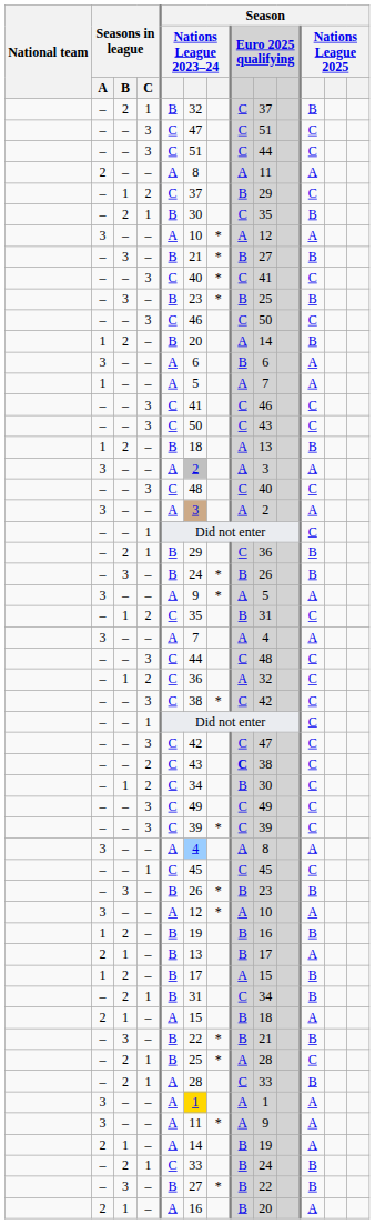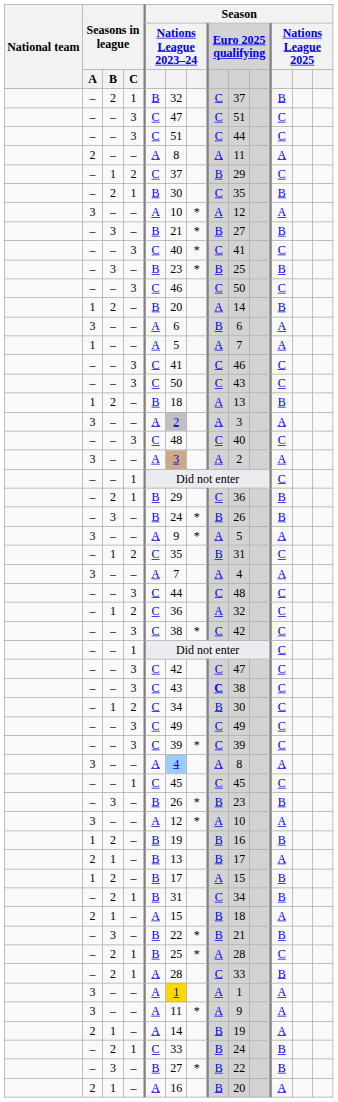 <table class="wikitable sortable" style="text-align:center">
 <tr>
 <th rowspan="3">National team</th>
 <th colspan="3" rowspan="2">Seasons in league</th>
 <th colspan="9" style="border-left:3px solid gray">Season</th>
 </tr>
 <tr>
 <th colspan="3" style="border-left:3px solid gray"><a href='#'>Nations League<br>2023–24</a></th>
 <th colspan="3" style="border-left:3px solid gray; background:lightgray"><a href='#'>Euro 2025<br>qualifying</a></th>
 <th colspan="3" style="border-left:3px solid gray"><a href='#'>Nations League<br>2025</a><br></th>
 </tr>
 <tr>
 <th style="width:20px">A</th>
 <th style="width:20px">B</th>
 <th style="width:20px">C<br></th>
 <th style="width:20px; border-left:3px solid gray"></th>
 <th style="width:20px" data-sort-="" type="number"></th>
 <th style="width:20px"><br></th>
 <th style="width:20px; background:lightgray; border-left:3px solid gray"></th>
 <th style="width:20px; background:lightgray" data-sort-="" type="number"></th>
 <th style="width:20px; background:lightgray"><br></th>
 <th style="width:20px; border-left:3px solid gray"></th>
 <th style="width:20px" data-sort-="" type="number"></th>
 <th style="width:20px"><br></th>
 </tr>
 <tr>
 <td align="left"></td>
 <td>–</td>
 <td>2</td>
 <td>1</td>
 <td style="border-left:3px solid gray"><a href='#'>B</a></td>
 <td>32</td>
 <td></td>
 <td style="background:lightgray; border-left:3px solid gray"><a href='#'>C</a></td>
 <td style="background:lightgray">37</td>
 <td style="background:lightgray"></td>
 <td style="border-left:3px solid gray"><a href='#'>B</a></td>
 <td></td>
 <td></td>
 </tr>
 <tr>
 <td align="left"></td>
 <td>–</td>
 <td>–</td>
 <td>3</td>
 <td style="border-left:3px solid gray"><a href='#'>C</a></td>
 <td>47</td>
 <td></td>
 <td style="background:lightgray; border-left:3px solid gray"><a href='#'>C</a></td>
 <td style="background:lightgray">51</td>
 <td style="background:lightgray"></td>
 <td style="border-left:3px solid gray"><a href='#'>C</a></td>
 <td></td>
 <td></td>
 </tr>
 <tr>
 <td align="left"></td>
 <td>–</td>
 <td>–</td>
 <td>3</td>
 <td style="border-left:3px solid gray"><a href='#'>C</a></td>
 <td>51</td>
 <td></td>
 <td style="background:lightgray; border-left:3px solid gray"><a href='#'>C</a></td>
 <td style="background:lightgray">44</td>
 <td style="background:lightgray"></td>
 <td style="border-left:3px solid gray"><a href='#'>C</a></td>
 <td></td>
 <td></td>
 </tr>
 <tr>
 <td align="left"></td>
 <td>2</td>
 <td>–</td>
 <td>–</td>
 <td style="border-left:3px solid gray"><a href='#'>A</a></td>
 <td>8</td>
 <td></td>
 <td style="background:lightgray; border-left:3px solid gray"><a href='#'>A</a></td>
 <td style="background:lightgray">11</td>
 <td style="background:lightgray"></td>
 <td style="border-left:3px solid gray"><a href='#'>A</a></td>
 <td></td>
 <td></td>
 </tr>
 <tr>
 <td align="left"></td>
 <td>–</td>
 <td>1</td>
 <td>2</td>
 <td style="border-left:3px solid gray"><a href='#'>C</a></td>
 <td>37</td>
 <td></td>
 <td style="background:lightgray; border-left:3px solid gray"><a href='#'>B</a></td>
 <td style="background:lightgray">29</td>
 <td style="background:lightgray"></td>
 <td style="border-left:3px solid gray"><a href='#'>C</a></td>
 <td></td>
 <td></td>
 </tr>
 <tr>
 <td align="left"></td>
 <td>–</td>
 <td>2</td>
 <td>1</td>
 <td style="border-left:3px solid gray"><a href='#'>B</a></td>
 <td>30</td>
 <td></td>
 <td style="background:lightgray; border-left:3px solid gray"><a href='#'>C</a></td>
 <td style="background:lightgray">35</td>
 <td style="background:lightgray"></td>
 <td style="border-left:3px solid gray"><a href='#'>B</a></td>
 <td></td>
 <td></td>
 </tr>
 <tr>
 <td align="left"></td>
 <td>3</td>
 <td>–</td>
 <td>–</td>
 <td style="border-left:3px solid gray"><a href='#'>A</a></td>
 <td>10</td>
 <td>*</td>
 <td style="background:lightgray; border-left:3px solid gray"><a href='#'>A</a></td>
 <td style="background:lightgray">12</td>
 <td style="background:lightgray"></td>
 <td style="border-left:3px solid gray"><a href='#'>A</a></td>
 <td></td>
 <td></td>
 </tr>
 <tr>
 <td align="left"></td>
 <td>–</td>
 <td>3</td>
 <td>–</td>
 <td style="border-left:3px solid gray"><a href='#'>B</a></td>
 <td>21</td>
 <td>*</td>
 <td style="background:lightgray; border-left:3px solid gray"><a href='#'>B</a></td>
 <td style="background:lightgray">27</td>
 <td style="background:lightgray"></td>
 <td style="border-left:3px solid gray"><a href='#'>B</a></td>
 <td></td>
 <td></td>
 </tr>
 <tr>
 <td align="left"></td>
 <td>–</td>
 <td>–</td>
 <td>3</td>
 <td style="border-left:3px solid gray"><a href='#'>C</a></td>
 <td>40</td>
 <td>*</td>
 <td style="background:lightgray; border-left:3px solid gray"><a href='#'>C</a></td>
 <td style="background:lightgray">41</td>
 <td style="background:lightgray"></td>
 <td style="border-left:3px solid gray"><a href='#'>C</a></td>
 <td></td>
 <td></td>
 </tr>
 <tr>
 <td align="left"></td>
 <td>–</td>
 <td>3</td>
 <td>–</td>
 <td style="border-left:3px solid gray"><a href='#'>B</a></td>
 <td>23</td>
 <td>*</td>
 <td style="background:lightgray; border-left:3px solid gray"><a href='#'>B</a></td>
 <td style="background:lightgray">25</td>
 <td style="background:lightgray"></td>
 <td style="border-left:3px solid gray"><a href='#'>B</a></td>
 <td></td>
 <td></td>
 </tr>
 <tr>
 <td align="left"></td>
 <td>–</td>
 <td>–</td>
 <td>3</td>
 <td style="border-left:3px solid gray"><a href='#'>C</a></td>
 <td>46</td>
 <td></td>
 <td style="background:lightgray; border-left:3px solid gray"><a href='#'>C</a></td>
 <td style="background:lightgray">50</td>
 <td style="background:lightgray"></td>
 <td style="border-left:3px solid gray"><a href='#'>C</a></td>
 <td></td>
 <td></td>
 </tr>
 <tr>
 <td align="left"></td>
 <td>1</td>
 <td>2</td>
 <td>–</td>
 <td style="border-left:3px solid gray"><a href='#'>B</a></td>
 <td>20</td>
 <td></td>
 <td style="background:lightgray; border-left:3px solid gray"><a href='#'>A</a></td>
 <td style="background:lightgray">14</td>
 <td style="background:lightgray"></td>
 <td style="border-left:3px solid gray"><a href='#'>B</a></td>
 <td></td>
 <td></td>
 </tr>
 <tr>
 <td align="left"></td>
 <td>3</td>
 <td>–</td>
 <td>–</td>
 <td style="border-left:3px solid gray"><a href='#'>A</a></td>
 <td>6</td>
 <td></td>
 <td style="background:lightgray; border-left:3px solid gray"><a href='#'>B</a></td>
 <td style="background:lightgray">6</td>
 <td style="background:lightgray"></td>
 <td style="border-left:3px solid gray"><a href='#'>A</a></td>
 <td></td>
 <td></td>
 </tr>
 <tr>
 <td align="left"></td>
 <td>1</td>
 <td>–</td>
 <td>–</td>
 <td style="border-left:3px solid gray"><a href='#'>A</a></td>
 <td>5</td>
 <td></td>
 <td style="background:lightgray; border-left:3px solid gray"><a href='#'>A</a></td>
 <td style="background:lightgray">7</td>
 <td style="background:lightgray"></td>
 <td style="border-left:3px solid gray"><a href='#'>A</a></td>
 <td></td>
 <td></td>
 </tr>
 <tr>
 <td align="left"></td>
 <td>–</td>
 <td>–</td>
 <td>3</td>
 <td style="border-left:3px solid gray"><a href='#'>C</a></td>
 <td>41</td>
 <td></td>
 <td style="background:lightgray; border-left:3px solid gray"><a href='#'>C</a></td>
 <td style="background:lightgray">46</td>
 <td style="background:lightgray"></td>
 <td style="border-left:3px solid gray"><a href='#'>C</a></td>
 <td></td>
 <td></td>
 </tr>
 <tr>
 <td align="left"></td>
 <td>–</td>
 <td>–</td>
 <td>3</td>
 <td style="border-left:3px solid gray"><a href='#'>C</a></td>
 <td>50</td>
 <td></td>
 <td style="background:lightgray; border-left:3px solid gray"><a href='#'>C</a></td>
 <td style="background:lightgray">43</td>
 <td style="background:lightgray"></td>
 <td style="border-left:3px solid gray"><a href='#'>C</a></td>
 <td></td>
 <td></td>
 </tr>
 <tr>
 <td align="left"></td>
 <td>1</td>
 <td>2</td>
 <td>–</td>
 <td style="border-left:3px solid gray"><a href='#'>B</a></td>
 <td>18</td>
 <td></td>
 <td style="background:lightgray; border-left:3px solid gray"><a href='#'>A</a></td>
 <td style="background:lightgray">13</td>
 <td style="background:lightgray"></td>
 <td style="border-left:3px solid gray"><a href='#'>B</a></td>
 <td></td>
 <td></td>
 </tr>
 <tr>
 <td align="left"></td>
 <td>3</td>
 <td>–</td>
 <td>–</td>
 <td style="border-left:3px solid gray"><a href='#'>A</a></td>
 <td style="background:silver"><a href='#'>2</a></td>
 <td></td>
 <td style="background:lightgray; border-left:3px solid gray"><a href='#'>A</a></td>
 <td style="background:lightgray">3</td>
 <td style="background:lightgray"></td>
 <td style="border-left:3px solid gray"><a href='#'>A</a></td>
 <td></td>
 <td></td>
 </tr>
 <tr>
 <td align="left"></td>
 <td>–</td>
 <td>–</td>
 <td>3</td>
 <td style="border-left:3px solid gray"><a href='#'>C</a></td>
 <td>48</td>
 <td></td>
 <td style="background:lightgray; border-left:3px solid gray"><a href='#'>C</a></td>
 <td style="background:lightgray">40</td>
 <td style="background:lightgray"></td>
 <td style="border-left:3px solid gray"><a href='#'>C</a></td>
 <td></td>
 <td></td>
 </tr>
 <tr>
 <td align="left"></td>
 <td>3</td>
 <td>–</td>
 <td>–</td>
 <td style="border-left:3px solid gray"><a href='#'>A</a></td>
 <td style="background:#ca8"><a href='#'>3</a></td>
 <td></td>
 <td style="background:lightgray; border-left:3px solid gray"><a href='#'>A</a></td>
 <td style="background:lightgray">2</td>
 <td style="background:lightgray"></td>
 <td style="border-left:3px solid gray"><a href='#'>A</a></td>
 <td></td>
 <td></td>
 </tr>
 <tr>
 <td align="left"></td>
 <td>–</td>
 <td>–</td>
 <td>1</td>
 <td colspan=6 style="border-left:3px solid gray; background:#eaecf0">Did not enter</td>
 <td style="border-left:3px solid gray"><a href='#'>C</a></td>
 <td></td>
 <td></td>
 </tr>
 <tr>
 <td align="left"></td>
 <td>–</td>
 <td>2</td>
 <td>1</td>
 <td style="border-left:3px solid gray"><a href='#'>B</a></td>
 <td>29</td>
 <td></td>
 <td style="background:lightgray; border-left:3px solid gray"><a href='#'>C</a></td>
 <td style="background:lightgray">36</td>
 <td style="background:lightgray"></td>
 <td style="border-left:3px solid gray"><a href='#'>B</a></td>
 <td></td>
 <td></td>
 </tr>
 <tr>
 <td align="left"></td>
 <td>–</td>
 <td>3</td>
 <td>–</td>
 <td style="border-left:3px solid gray"><a href='#'>B</a></td>
 <td>24</td>
 <td>*</td>
 <td style="background:lightgray; border-left:3px solid gray"><a href='#'>B</a></td>
 <td style="background:lightgray">26</td>
 <td style="background:lightgray"></td>
 <td style="border-left:3px solid gray"><a href='#'>B</a></td>
 <td></td>
 <td></td>
 </tr>
 <tr>
 <td align="left"></td>
 <td>3</td>
 <td>–</td>
 <td>–</td>
 <td style="border-left:3px solid gray"><a href='#'>A</a></td>
 <td>9</td>
 <td>*</td>
 <td style="background:lightgray; border-left:3px solid gray"><a href='#'>A</a></td>
 <td style="background:lightgray">5</td>
 <td style="background:lightgray"></td>
 <td style="border-left:3px solid gray"><a href='#'>A</a></td>
 <td></td>
 <td></td>
 </tr>
 <tr>
 <td align="left"></td>
 <td>–</td>
 <td>1</td>
 <td>2</td>
 <td style="border-left:3px solid gray"><a href='#'>C</a></td>
 <td>35</td>
 <td></td>
 <td style="background:lightgray; border-left:3px solid gray"><a href='#'>B</a></td>
 <td style="background:lightgray">31</td>
 <td style="background:lightgray"></td>
 <td style="border-left:3px solid gray"><a href='#'>C</a></td>
 <td></td>
 <td></td>
 </tr>
 <tr>
 <td align="left"></td>
 <td>3</td>
 <td>–</td>
 <td>–</td>
 <td style="border-left:3px solid gray"><a href='#'>A</a></td>
 <td>7</td>
 <td></td>
 <td style="background:lightgray; border-left:3px solid gray"><a href='#'>A</a></td>
 <td style="background:lightgray">4</td>
 <td style="background:lightgray"></td>
 <td style="border-left:3px solid gray"><a href='#'>A</a></td>
 <td></td>
 <td></td>
 </tr>
 <tr>
 <td align="left"></td>
 <td>–</td>
 <td>–</td>
 <td>3</td>
 <td style="border-left:3px solid gray"><a href='#'>C</a></td>
 <td>44</td>
 <td></td>
 <td style="background:lightgray; border-left:3px solid gray"><a href='#'>C</a></td>
 <td style="background:lightgray">48</td>
 <td style="background:lightgray"></td>
 <td style="border-left:3px solid gray"><a href='#'>C</a></td>
 <td></td>
 <td></td>
 </tr>
 <tr>
 <td align="left"></td>
 <td>–</td>
 <td>1</td>
 <td>2</td>
 <td style="border-left:3px solid gray"><a href='#'>C</a></td>
 <td>36</td>
 <td></td>
 <td style="background:lightgray; border-left:3px solid gray"><a href='#'>A</a></td>
 <td style="background:lightgray">32</td>
 <td style="background:lightgray"></td>
 <td style="border-left:3px solid gray"><a href='#'>C</a></td>
 <td></td>
 <td></td>
 </tr>
 <tr>
 <td align="left"></td>
 <td>–</td>
 <td>–</td>
 <td>3</td>
 <td style="border-left:3px solid gray"><a href='#'>C</a></td>
 <td>38</td>
 <td>*</td>
 <td style="background:lightgray; border-left:3px solid gray"><a href='#'>C</a></td>
 <td style="background:lightgray">42</td>
 <td style="background:lightgray"></td>
 <td style="border-left:3px solid gray"><a href='#'>C</a></td>
 <td></td>
 <td></td>
 </tr>
 <tr>
 <td align="left"></td>
 <td>–</td>
 <td>–</td>
 <td>1</td>
 <td colspan=6 style="border-left:3px solid gray; background:#eaecf0">Did not enter</td>
 <td style="border-left:3px solid gray"><a href='#'>C</a></td>
 <td></td>
 <td></td>
 </tr>
 <tr>
 <td align="left"></td>
 <td>–</td>
 <td>–</td>
 <td>3</td>
 <td style="border-left:3px solid gray"><a href='#'>C</a></td>
 <td>42</td>
 <td></td>
 <td style="background:lightgray; border-left:3px solid gray"><a href='#'>C</a></td>
 <td style="background:lightgray">47</td>
 <td style="background:lightgray"></td>
 <td style="border-left:3px solid gray"><a href='#'>C</a></td>
 <td></td>
 <td></td>
 </tr>
 <tr>
 <td align="left"></td>
 <td>–</td>
 <td>–</td>
-<td>2</td>
+<td>3</td>
 <td style="border-left:3px solid gray"><a href='#'>C</a></td>
 <td>43</td>
 <td></td>
 <td style="background:lightgray; border-left:3px solid gray"><strong><a href='#'>C</a></strong></td>
 <td style="background:lightgray">38</td>
 <td style="background:lightgray"></td>
 <td style="border-left:3px solid gray"><a href='#'>C</a></td>
 <td></td>
 <td></td>
 </tr>
 <tr>
 <td align="left"></td>
 <td>–</td>
 <td>1</td>
 <td>2</td>
 <td style="border-left:3px solid gray"><a href='#'>C</a></td>
 <td>34</td>
 <td></td>
 <td style="background:lightgray; border-left:3px solid gray"><a href='#'>B</a></td>
 <td style="background:lightgray">30</td>
 <td style="background:lightgray"></td>
 <td style="border-left:3px solid gray"><a href='#'>C</a></td>
 <td></td>
 <td></td>
 </tr>
 <tr>
 <td align="left"></td>
 <td>–</td>
 <td>–</td>
 <td>3</td>
 <td style="border-left:3px solid gray"><a href='#'>C</a></td>
 <td>49</td>
 <td></td>
 <td style="background:lightgray; border-left:3px solid gray"><a href='#'>C</a></td>
 <td style="background:lightgray">49</td>
 <td style="background:lightgray"></td>
 <td style="border-left:3px solid gray"><a href='#'>C</a></td>
 <td></td>
 <td></td>
 </tr>
 <tr>
 <td align="left"></td>
 <td>–</td>
 <td>–</td>
 <td>3</td>
 <td style="border-left:3px solid gray"><a href='#'>C</a></td>
 <td>39</td>
 <td>*</td>
 <td style="background:lightgray; border-left:3px solid gray"><a href='#'>C</a></td>
 <td style="background:lightgray">39</td>
 <td style="background:lightgray"></td>
 <td style="border-left:3px solid gray"><a href='#'>C</a></td>
 <td></td>
 <td></td>
 </tr>
 <tr>
 <td align="left"></td>
 <td>3</td>
 <td>–</td>
 <td>–</td>
 <td style="border-left:3px solid gray"><a href='#'>A</a></td>
 <td style="background:#9acdff"><a href='#'>4</a></td>
 <td></td>
 <td style="background:lightgray; border-left:3px solid gray"><a href='#'>A</a></td>
 <td style="background:lightgray">8</td>
 <td style="background:lightgray"></td>
 <td style="border-left:3px solid gray"><a href='#'>A</a></td>
 <td></td>
 <td></td>
 </tr>
 <tr>
 <td align="left"></td>
 <td>–</td>
 <td>–</td>
 <td>1</td>
 <td style="border-left:3px solid gray"><a href='#'>C</a></td>
 <td>45</td>
 <td></td>
 <td style="background:lightgray; border-left:3px solid gray"><a href='#'>C</a></td>
 <td style="background:lightgray">45</td>
 <td style="background:lightgray"></td>
 <td style="border-left:3px solid gray"><a href='#'>C</a></td>
 <td></td>
 <td></td>
 </tr>
 <tr>
 <td align="left"></td>
 <td>–</td>
 <td>3</td>
 <td>–</td>
 <td style="border-left:3px solid gray"><a href='#'>B</a></td>
 <td>26</td>
 <td>*</td>
 <td style="background:lightgray; border-left:3px solid gray"><a href='#'>B</a></td>
 <td style="background:lightgray">23</td>
 <td style="background:lightgray"></td>
 <td style="border-left:3px solid gray"><a href='#'>B</a></td>
 <td></td>
 <td></td>
 </tr>
 <tr>
 <td align="left"></td>
 <td>3</td>
 <td>–</td>
 <td>–</td>
 <td style="border-left:3px solid gray"><a href='#'>A</a></td>
 <td>12</td>
 <td>*</td>
 <td style="background:lightgray; border-left:3px solid gray"><a href='#'>A</a></td>
 <td style="background:lightgray">10</td>
 <td style="background:lightgray"></td>
 <td style="border-left:3px solid gray"><a href='#'>A</a></td>
 <td></td>
 <td></td>
 </tr>
 <tr>
 <td align="left"></td>
 <td>1</td>
 <td>2</td>
 <td>–</td>
 <td style="border-left:3px solid gray"><a href='#'>B</a></td>
 <td>19</td>
 <td></td>
 <td style="background:lightgray; border-left:3px solid gray"><a href='#'>B</a></td>
 <td style="background:lightgray">16</td>
 <td style="background:lightgray"></td>
 <td style="border-left:3px solid gray"><a href='#'>B</a></td>
 <td></td>
 <td></td>
 </tr>
 <tr>
 <td align="left"></td>
 <td>2</td>
 <td>1</td>
 <td>–</td>
 <td style="border-left:3px solid gray"><a href='#'>B</a></td>
 <td>13</td>
 <td></td>
 <td style="background:lightgray; border-left:3px solid gray"><a href='#'>B</a></td>
 <td style="background:lightgray">17</td>
 <td style="background:lightgray"></td>
 <td style="border-left:3px solid gray"><a href='#'>A</a></td>
 <td></td>
 <td></td>
 </tr>
 <tr>
 <td align="left"></td>
 <td>1</td>
 <td>2</td>
 <td>–</td>
 <td style="border-left:3px solid gray"><a href='#'>B</a></td>
 <td>17</td>
 <td></td>
 <td style="background:lightgray; border-left:3px solid gray"><a href='#'>A</a></td>
 <td style="background:lightgray">15</td>
 <td style="background:lightgray"></td>
 <td style="border-left:3px solid gray"><a href='#'>B</a></td>
 <td></td>
 <td></td>
 </tr>
 <tr>
 <td align="left"></td>
 <td>–</td>
 <td>2</td>
 <td>1</td>
 <td style="border-left:3px solid gray"><a href='#'>B</a></td>
 <td>31</td>
 <td></td>
 <td style="background:lightgray; border-left:3px solid gray"><a href='#'>C</a></td>
 <td style="background:lightgray">34</td>
 <td style="background:lightgray"></td>
 <td style="border-left:3px solid gray"><a href='#'>B</a></td>
 <td></td>
 <td></td>
 </tr>
 <tr>
 <td align="left"></td>
 <td>2</td>
 <td>1</td>
 <td>–</td>
 <td style="border-left:3px solid gray"><a href='#'>A</a></td>
 <td>15</td>
 <td></td>
 <td style="background:lightgray; border-left:3px solid gray"><a href='#'>B</a></td>
 <td style="background:lightgray">18</td>
 <td style="background:lightgray"></td>
 <td style="border-left:3px solid gray"><a href='#'>A</a></td>
 <td></td>
 <td></td>
 </tr>
 <tr>
 <td align="left"></td>
 <td>–</td>
 <td>3</td>
 <td>–</td>
 <td style="border-left:3px solid gray"><a href='#'>B</a></td>
 <td>22</td>
 <td>*</td>
 <td style="background:lightgray; border-left:3px solid gray"><a href='#'>B</a></td>
 <td style="background:lightgray">21</td>
 <td style="background:lightgray"></td>
 <td style="border-left:3px solid gray"><a href='#'>B</a></td>
 <td></td>
 <td></td>
 </tr>
 <tr>
 <td align="left"></td>
 <td>–</td>
 <td>2</td>
 <td>1</td>
 <td style="border-left:3px solid gray"><a href='#'>B</a></td>
 <td>25</td>
 <td>*</td>
 <td style="background:lightgray; border-left:3px solid gray"><a href='#'>A</a></td>
 <td style="background:lightgray">28</td>
 <td style="background:lightgray"></td>
 <td style="border-left:3px solid gray"><a href='#'>C</a></td>
 <td></td>
 <td></td>
 </tr>
 <tr>
 <td align="left"></td>
 <td>–</td>
 <td>2</td>
 <td>1</td>
 <td style="border-left:3px solid gray"><a href='#'>A</a></td>
 <td>28</td>
 <td></td>
 <td style="background:lightgray; border-left:3px solid gray"><a href='#'>C</a></td>
 <td style="background:lightgray">33</td>
 <td style="background:lightgray"></td>
 <td style="border-left:3px solid gray"><a href='#'>B</a></td>
 <td></td>
 <td></td>
 </tr>
 <tr>
 <td align="left"></td>
 <td>3</td>
 <td>–</td>
 <td>–</td>
 <td style="border-left:3px solid gray"><a href='#'>A</a></td>
 <td style="background:gold"><a href='#'>1</a></td>
 <td></td>
 <td style="background:lightgray; border-left:3px solid gray"><a href='#'>A</a></td>
 <td style="background:lightgray">1</td>
 <td style="background:lightgray"></td>
 <td style="border-left:3px solid gray"><a href='#'>A</a></td>
 <td></td>
 <td></td>
 </tr>
 <tr>
 <td align="left"></td>
 <td>3</td>
 <td>–</td>
 <td>–</td>
 <td style="border-left:3px solid gray"><a href='#'>A</a></td>
 <td>11</td>
 <td>*</td>
 <td style="background:lightgray; border-left:3px solid gray"><a href='#'>A</a></td>
 <td style="background:lightgray">9</td>
 <td style="background:lightgray"></td>
 <td style="border-left:3px solid gray"><a href='#'>A</a></td>
 <td></td>
 <td></td>
 </tr>
 <tr>
 <td align="left"></td>
 <td>2</td>
 <td>1</td>
 <td>–</td>
 <td style="border-left:3px solid gray"><a href='#'>A</a></td>
 <td>14</td>
 <td></td>
 <td style="background:lightgray; border-left:3px solid gray"><a href='#'>B</a></td>
 <td style="background:lightgray">19</td>
 <td style="background:lightgray"></td>
 <td style="border-left:3px solid gray"><a href='#'>A</a></td>
 <td></td>
 <td></td>
 </tr>
 <tr>
 <td align="left"></td>
 <td>–</td>
 <td>2</td>
 <td>1</td>
 <td style="border-left:3px solid gray"><a href='#'>C</a></td>
 <td>33</td>
 <td></td>
 <td style="background:lightgray; border-left:3px solid gray"><a href='#'>B</a></td>
 <td style="background:lightgray">24</td>
 <td style="background:lightgray"></td>
 <td style="border-left:3px solid gray"><a href='#'>B</a></td>
 <td></td>
 <td></td>
 </tr>
 <tr>
 <td align="left"></td>
 <td>–</td>
 <td>3</td>
 <td>–</td>
 <td style="border-left:3px solid gray"><a href='#'>B</a></td>
 <td>27</td>
 <td>*</td>
 <td style="background:lightgray; border-left:3px solid gray"><a href='#'>B</a></td>
 <td style="background:lightgray">22</td>
 <td style="background:lightgray"></td>
 <td style="border-left:3px solid gray"><a href='#'>B</a></td>
 <td></td>
 <td></td>
 </tr>
 <tr>
 <td align="left"></td>
 <td>2</td>
 <td>1</td>
 <td>–</td>
 <td style="border-left:3px solid gray"><a href='#'>A</a></td>
 <td>16</td>
 <td></td>
 <td style="background:lightgray; border-left:3px solid gray"><a href='#'>B</a></td>
 <td style="background:lightgray">20</td>
 <td style="background:lightgray"></td>
 <td style="border-left:3px solid gray"><a href='#'>A</a></td>
 <td></td>
 <td></td>
 </tr>
 </table>
